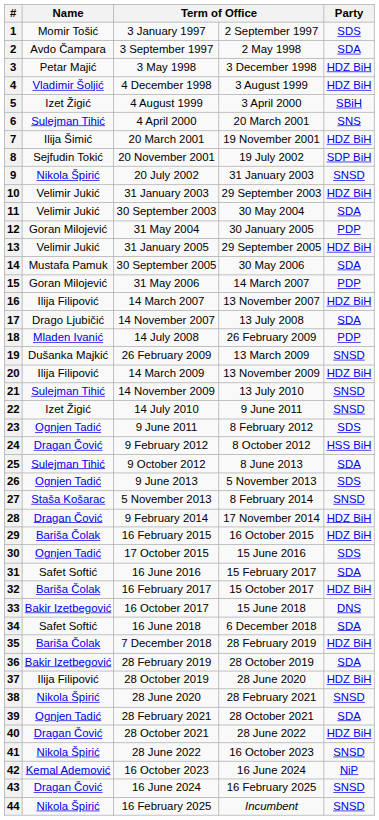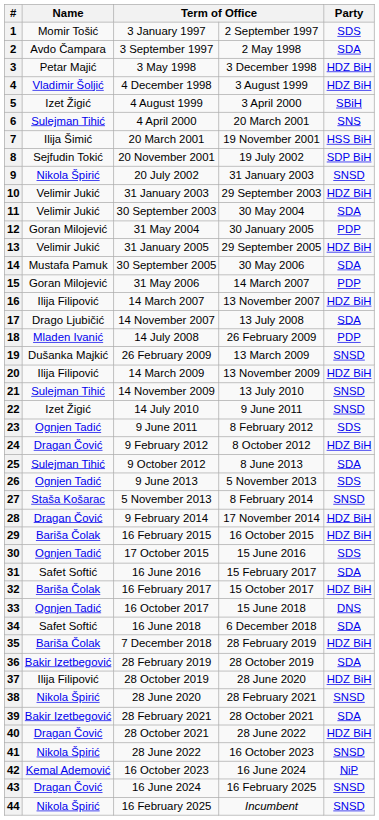 <table class="wikitable" style="text-align:center">
 <tr ->
 <th>#</th>
 <th>Name</th>
 <th colspan=2>Term of Office</th>
 <th>Party</th>
 </tr>
 <tr ->
 <th style="background:">1</th>
 <td>Momir Tošić</td>
 <td>3 January 1997</td>
 <td>2 September 1997</td>
 <td><a href='#'>SDS</a></td>
 </tr>
 <tr ->
 <th style="background:">2</th>
 <td>Avdo Čampara</td>
 <td>3 September 1997</td>
 <td>2 May 1998</td>
 <td><a href='#'>SDA</a></td>
 </tr>
 <tr ->
 <th style="background:">3</th>
 <td>Petar Majić</td>
 <td>3 May 1998</td>
 <td>3 December 1998</td>
 <td><a href='#'>HDZ BiH</a></td>
 </tr>
 <tr ->
 <th style="background:">4</th>
 <td><a href='#'>Vladimir Šoljić</a></td>
 <td>4 December 1998</td>
 <td>3 August 1999</td>
 <td><a href='#'>HDZ BiH</a></td>
 </tr>
 <tr ->
 <th style="background:">5</th>
 <td>Izet Žigić</td>
 <td>4 August 1999</td>
 <td>3 April 2000</td>
 <td><a href='#'>SBiH</a></td>
 </tr>
 <tr ->
 <th style="background:">6</th>
 <td><a href='#'>Sulejman Tihić</a></td>
 <td>4 April 2000</td>
 <td>20 March 2001</td>
 <td><a href='#'>SNS</a></td>
 </tr>
 <tr ->
 <th style="background:">7</th>
 <td>Ilija Šimić</td>
 <td>20 March 2001</td>
 <td>19 November 2001</td>
-<td><a href='#'>HDZ BiH</a></td>
+<td><a href='#'>HSS BiH</a></td>
 </tr>
 <tr ->
 <th style="background:">8</th>
 <td>Sejfudin Tokić</td>
 <td>20 November 2001</td>
 <td>19 July 2002</td>
 <td><a href='#'>SDP BiH</a></td>
 </tr>
 <tr ->
 <th style="background:">9</th>
 <td><a href='#'>Nikola Špirić</a></td>
 <td>20 July 2002</td>
 <td>31 January 2003</td>
 <td><a href='#'>SNSD</a></td>
 </tr>
 <tr ->
 <th style="background:">10</th>
 <td>Velimir Jukić</td>
 <td>31 January 2003</td>
 <td>29 September 2003</td>
 <td><a href='#'>HDZ BiH</a></td>
 </tr>
 <tr ->
 <th style="background:">11</th>
 <td>Velimir Jukić</td>
 <td>30 September 2003</td>
 <td>30 May 2004</td>
 <td><a href='#'>SDA</a></td>
 </tr>
 <tr ->
 <th style="background:">12</th>
 <td>Goran Milojević</td>
 <td>31 May 2004</td>
 <td>30 January 2005</td>
 <td><a href='#'>PDP</a></td>
 </tr>
 <tr ->
 <th style="background:">13</th>
 <td>Velimir Jukić</td>
 <td>31 January 2005</td>
 <td>29 September 2005</td>
 <td><a href='#'>HDZ BiH</a></td>
 </tr>
 <tr ->
 <th style="background:">14</th>
 <td>Mustafa Pamuk</td>
 <td>30 September 2005</td>
 <td>30 May 2006</td>
 <td><a href='#'>SDA</a></td>
 </tr>
 <tr ->
 <th style="background:">15</th>
 <td>Goran Milojević</td>
 <td>31 May 2006</td>
 <td>14 March 2007</td>
 <td><a href='#'>PDP</a></td>
 </tr>
 <tr ->
 <th style="background:">16</th>
 <td>Ilija Filipović</td>
 <td>14 March 2007</td>
 <td>13 November 2007</td>
 <td><a href='#'>HDZ BiH</a></td>
 </tr>
 <tr ->
 <th style="background:">17</th>
 <td>Drago Ljubičić</td>
 <td>14 November 2007</td>
 <td>13 July 2008</td>
 <td><a href='#'>SDA</a></td>
 </tr>
 <tr ->
 <th style="background:">18</th>
 <td><a href='#'>Mladen Ivanić</a></td>
 <td>14 July 2008</td>
 <td>26 February 2009</td>
 <td><a href='#'>PDP</a></td>
 </tr>
 <tr ->
 <th style="background:">19</th>
 <td>Dušanka Majkić</td>
 <td>26 February 2009</td>
 <td>13 March 2009</td>
 <td><a href='#'>SNSD</a></td>
 </tr>
 <tr ->
 <th style="background:">20</th>
 <td>Ilija Filipović</td>
 <td>14 March 2009</td>
 <td>13 November 2009</td>
 <td><a href='#'>HDZ BiH</a></td>
 </tr>
 <tr ->
 <th style="background:">21</th>
 <td><a href='#'>Sulejman Tihić</a></td>
 <td>14 November 2009</td>
 <td>13 July 2010</td>
 <td><a href='#'>SNSD</a></td>
 </tr>
 <tr ->
 <th style="background:">22</th>
 <td>Izet Žigić</td>
 <td>14 July 2010</td>
 <td>9 June 2011</td>
 <td><a href='#'>SNSD</a></td>
 </tr>
 <tr ->
 <th style="background:">23</th>
 <td><a href='#'>Ognjen Tadić</a></td>
 <td>9 June 2011</td>
 <td>8 February 2012</td>
 <td><a href='#'>SDS</a></td>
 </tr>
 <tr ->
 <th style="background:">24</th>
 <td><a href='#'>Dragan Čović</a></td>
 <td>9 February 2012</td>
 <td>8 October 2012</td>
-<td><a href='#'>HSS BiH</a></td>
+<td><a href='#'>HDZ BiH</a></td>
 </tr>
 <tr ->
 <th style="background:">25</th>
 <td><a href='#'>Sulejman Tihić</a></td>
 <td>9 October 2012</td>
 <td>8 June 2013</td>
 <td><a href='#'>SDA</a></td>
 </tr>
 <tr ->
 <th style="background:">26</th>
 <td><a href='#'>Ognjen Tadić</a></td>
 <td>9 June 2013</td>
 <td>5 November 2013</td>
 <td><a href='#'>SDS</a></td>
 </tr>
 <tr ->
 <th style="background:">27</th>
 <td><a href='#'>Staša Košarac</a></td>
 <td>5 November 2013</td>
 <td>8 February 2014</td>
 <td><a href='#'>SNSD</a></td>
 </tr>
 <tr ->
 <th style="background:">28</th>
 <td><a href='#'>Dragan Čović</a></td>
 <td>9 February 2014</td>
 <td>17 November 2014</td>
 <td><a href='#'>HDZ BiH</a></td>
 </tr>
 <tr ->
 <th style="background:">29</th>
 <td><a href='#'>Bariša Čolak</a></td>
 <td>16 February 2015</td>
 <td>16 October 2015</td>
 <td><a href='#'>HDZ BiH</a></td>
 </tr>
 <tr ->
 <th style="background:">30</th>
 <td><a href='#'>Ognjen Tadić</a></td>
 <td>17 October 2015</td>
 <td>15 June 2016</td>
 <td><a href='#'>SDS</a></td>
 </tr>
 <tr ->
 <th style="background:">31</th>
 <td>Safet Softić</td>
 <td>16 June 2016</td>
 <td>15 February 2017</td>
 <td><a href='#'>SDA</a></td>
 </tr>
 <tr ->
 <th style="background:">32</th>
 <td><a href='#'>Bariša Čolak</a></td>
 <td>16 February 2017</td>
 <td>15 October 2017</td>
 <td><a href='#'>HDZ BiH</a></td>
 </tr>
 <tr ->
 <th style="background:">33</th>
-<td><a href='#'>Bakir Izetbegović</a></td>
+<td><a href='#'>Ognjen Tadić</a></td>
 <td>16 October 2017</td>
 <td>15 June 2018</td>
 <td><a href='#'>DNS</a></td>
 </tr>
 <tr ->
 <th style="background:">34</th>
 <td>Safet Softić</td>
 <td>16 June 2018</td>
 <td>6 December 2018</td>
 <td><a href='#'>SDA</a></td>
 </tr>
 <tr ->
 <th style="background:">35</th>
 <td><a href='#'>Bariša Čolak</a></td>
 <td>7 December 2018</td>
 <td>28 February 2019</td>
 <td><a href='#'>HDZ BiH</a></td>
 </tr>
 <tr ->
 <th style="background:">36</th>
 <td><a href='#'>Bakir Izetbegović</a></td>
 <td>28 February 2019</td>
 <td>28 October 2019</td>
 <td><a href='#'>SDA</a></td>
 </tr>
 <tr ->
 <th style="background:">37</th>
 <td>Ilija Filipović</td>
 <td>28 October 2019</td>
 <td>28 June 2020</td>
 <td><a href='#'>HDZ BiH</a></td>
 </tr>
 <tr ->
 <th style="background:">38</th>
 <td><a href='#'>Nikola Špirić</a></td>
 <td>28 June 2020</td>
 <td>28 February 2021</td>
 <td><a href='#'>SNSD</a></td>
 </tr>
 <tr ->
 <th style="background:">39</th>
-<td><a href='#'>Ognjen Tadić</a></td>
+<td><a href='#'>Bakir Izetbegović</a></td>
 <td>28 February 2021</td>
 <td>28 October 2021</td>
 <td><a href='#'>SDA</a></td>
 </tr>
 <tr ->
 <th style="background:">40</th>
 <td><a href='#'>Dragan Čović</a></td>
 <td>28 October 2021</td>
 <td>28 June 2022</td>
 <td><a href='#'>HDZ BiH</a></td>
 </tr>
 <tr ->
 <th style="background:">41</th>
 <td><a href='#'>Nikola Špirić</a></td>
 <td>28 June 2022</td>
 <td>16 October 2023</td>
 <td><a href='#'>SNSD</a></td>
 </tr>
 <tr>
 <th style="background:">42</th>
 <td><a href='#'>Kemal Ademović</a></td>
 <td>16 October 2023</td>
 <td>16 June 2024</td>
 <td><a href='#'>NiP</a></td>
 </tr>
 <tr ->
 <th style="background:">43</th>
 <td><a href='#'>Dragan Čović</a></td>
 <td>16 June 2024</td>
 <td>16 February 2025</td>
 <td><a href='#'>SNSD</a></td>
 </tr>
 <tr ->
 <th style="background:">44</th>
 <td><a href='#'>Nikola Špirić</a></td>
 <td>16 February 2025</td>
 <td><em>Incumbent</em></td>
 <td><a href='#'>SNSD</a></td>
 </tr>
 </table>
